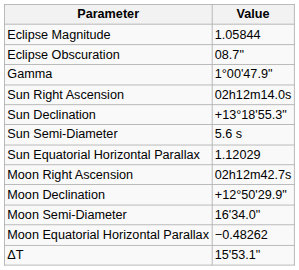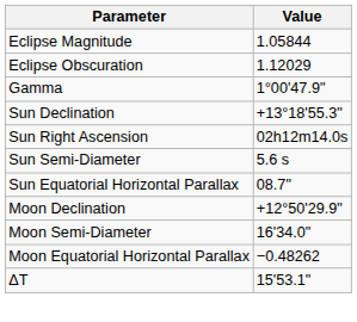 <table class="wikitable">
 <tr>
 <th>Parameter</th>
 <th>Value</th>
 </tr>
 <tr>
 <td>Eclipse Magnitude</td>
 <td>1.05844</td>
 </tr>
 <tr>
 <td>Eclipse Obscuration</td>
-<td>08.7"</td>
+<td>1.12029</td>
 </tr>
 <tr>
 <td>Gamma</td>
 <td>1°00'47.9"</td>
 </tr>
 <tr>
+<td>Sun Declination</td>
+<td>+13°18'55.3"</td>
+</tr>
+<tr>
 <td>Sun Right Ascension</td>
 <td>02h12m14.0s</td>
-</tr>
-<tr>
-<td>Sun Declination</td>
-<td>+13°18'55.3"</td>
 </tr>
 <tr>
 <td>Sun Semi-Diameter</td>
 <td>5.6 s</td>
 </tr>
 <tr>
 <td>Sun Equatorial Horizontal Parallax</td>
-<td>1.12029</td>
-</tr>
-<tr>
-<td>Moon Right Ascension</td>
-<td>02h12m42.7s</td>
+<td>08.7"</td>
 </tr>
 <tr>
 <td>Moon Declination</td>
 <td>+12°50'29.9"</td>
 </tr>
 <tr>
 <td>Moon Semi-Diameter</td>
 <td>16'34.0"</td>
 </tr>
 <tr>
 <td>Moon Equatorial Horizontal Parallax</td>
 <td>−0.48262</td>
 </tr>
 <tr>
 <td>ΔT</td>
 <td>15'53.1"</td>
 </tr>
 </table>
